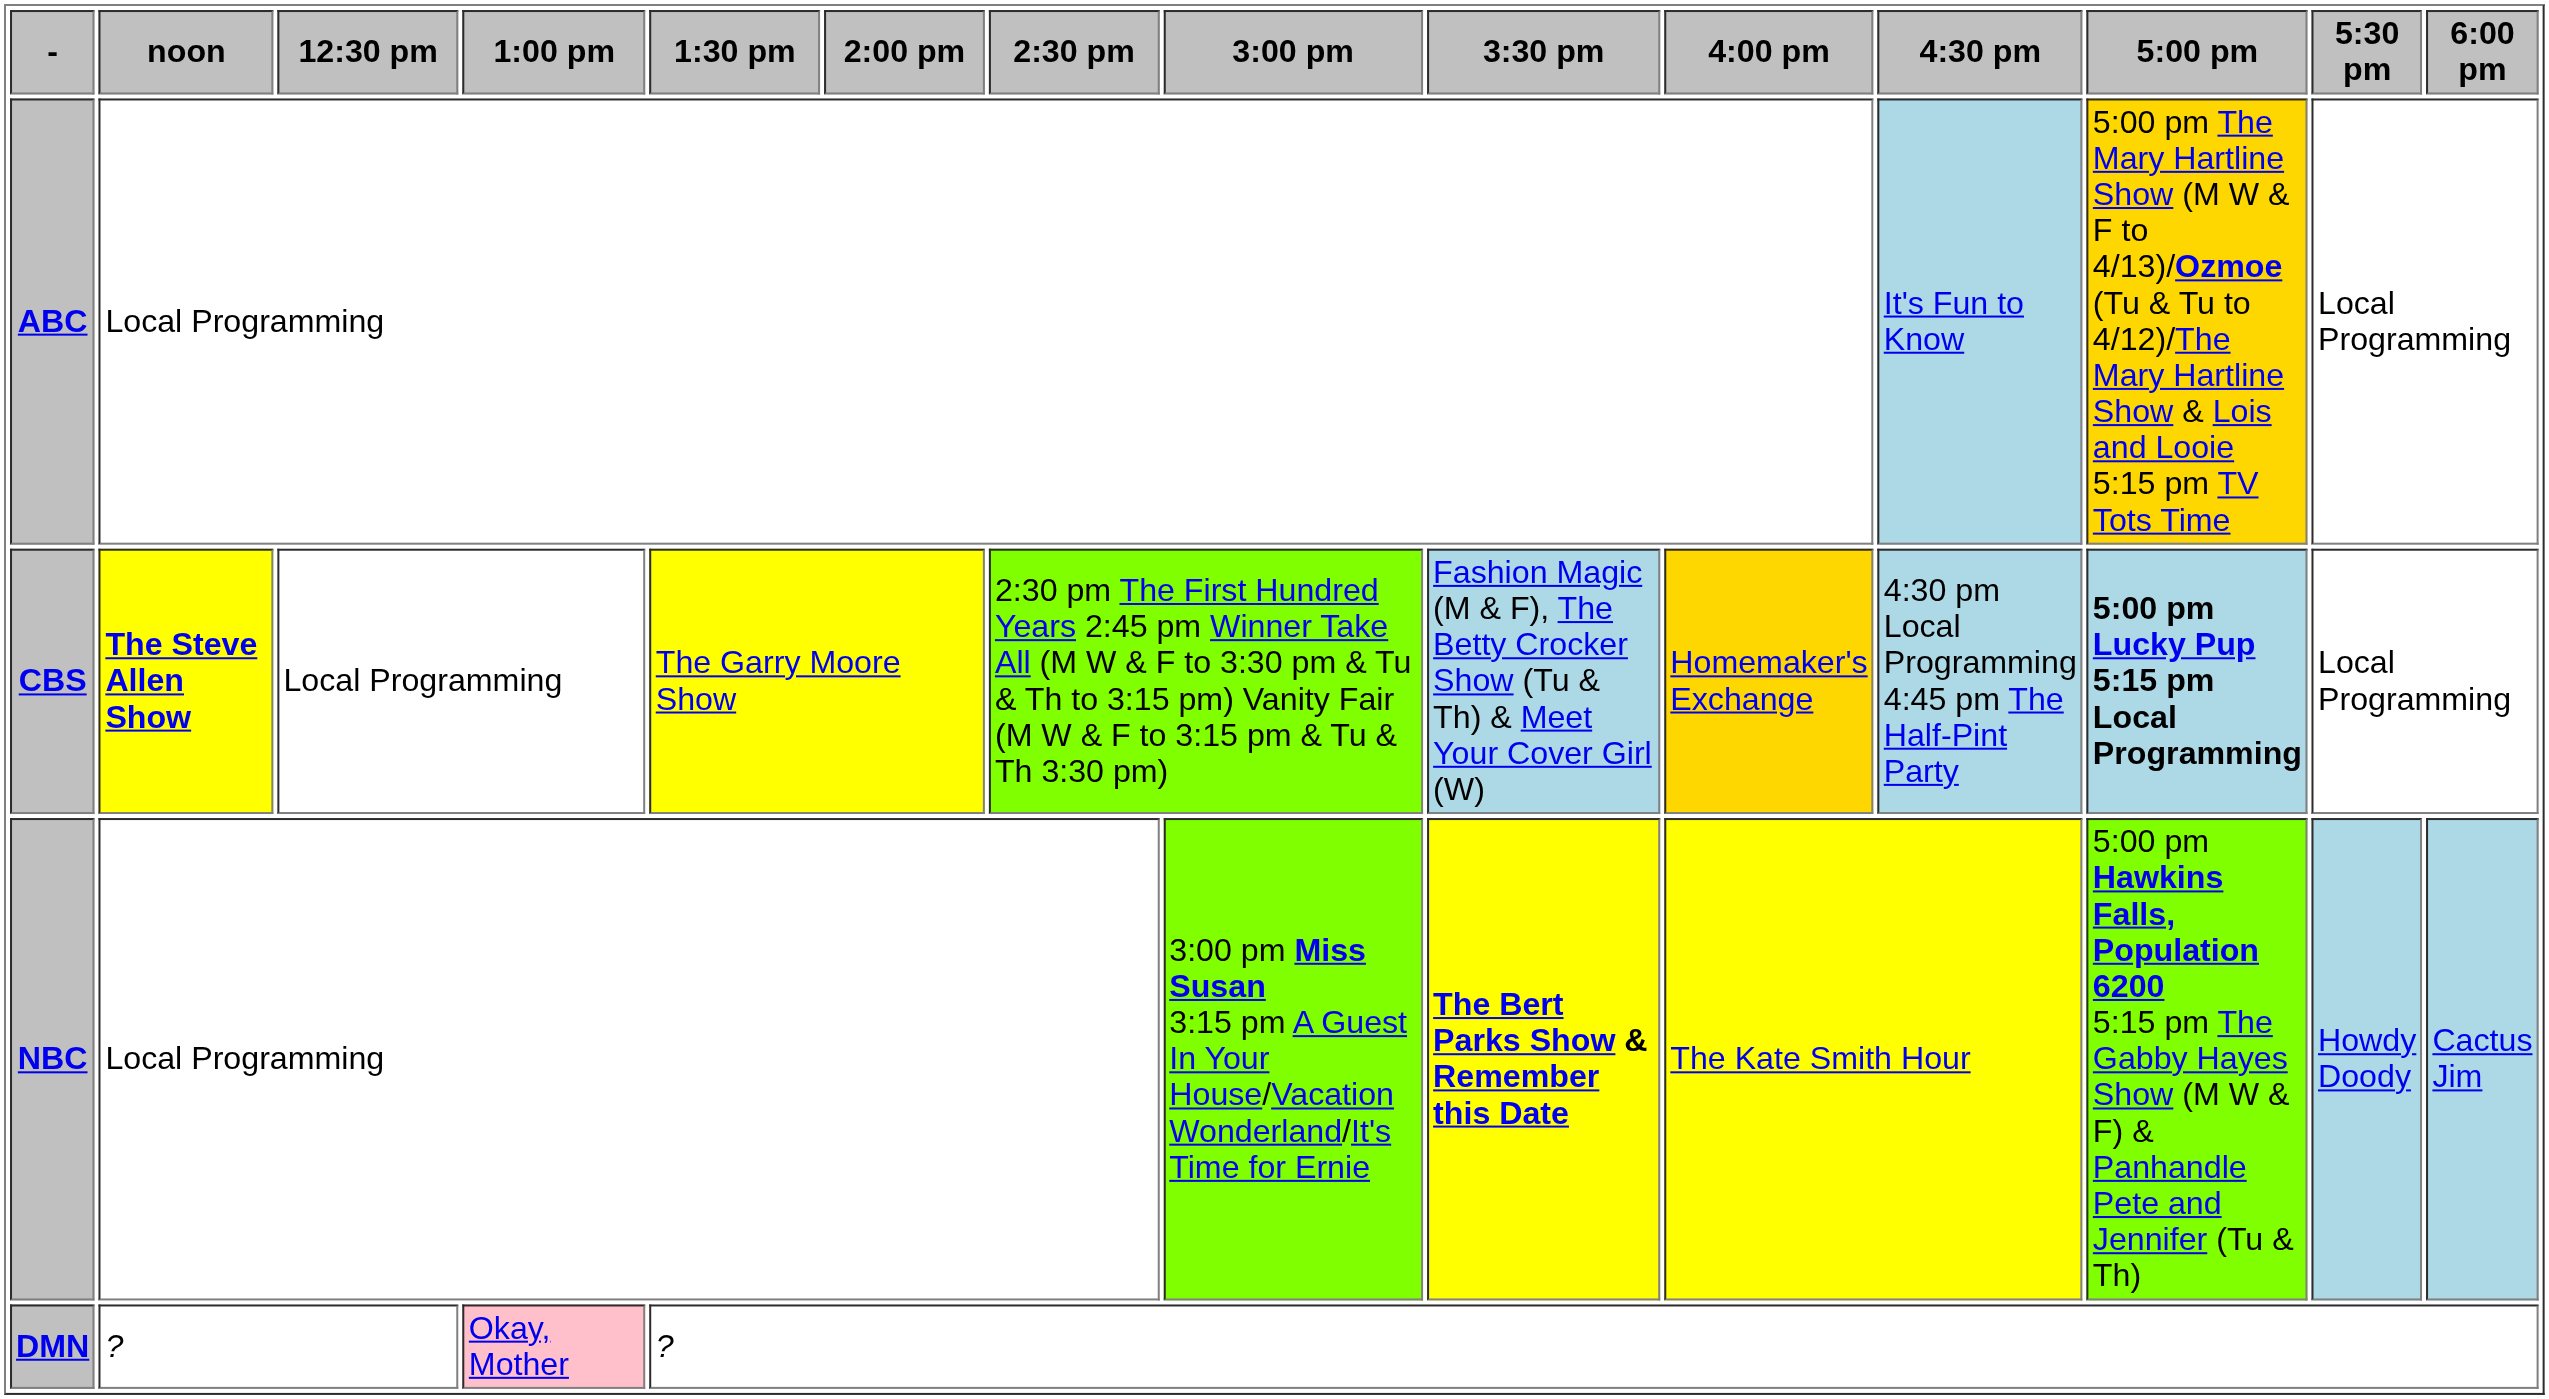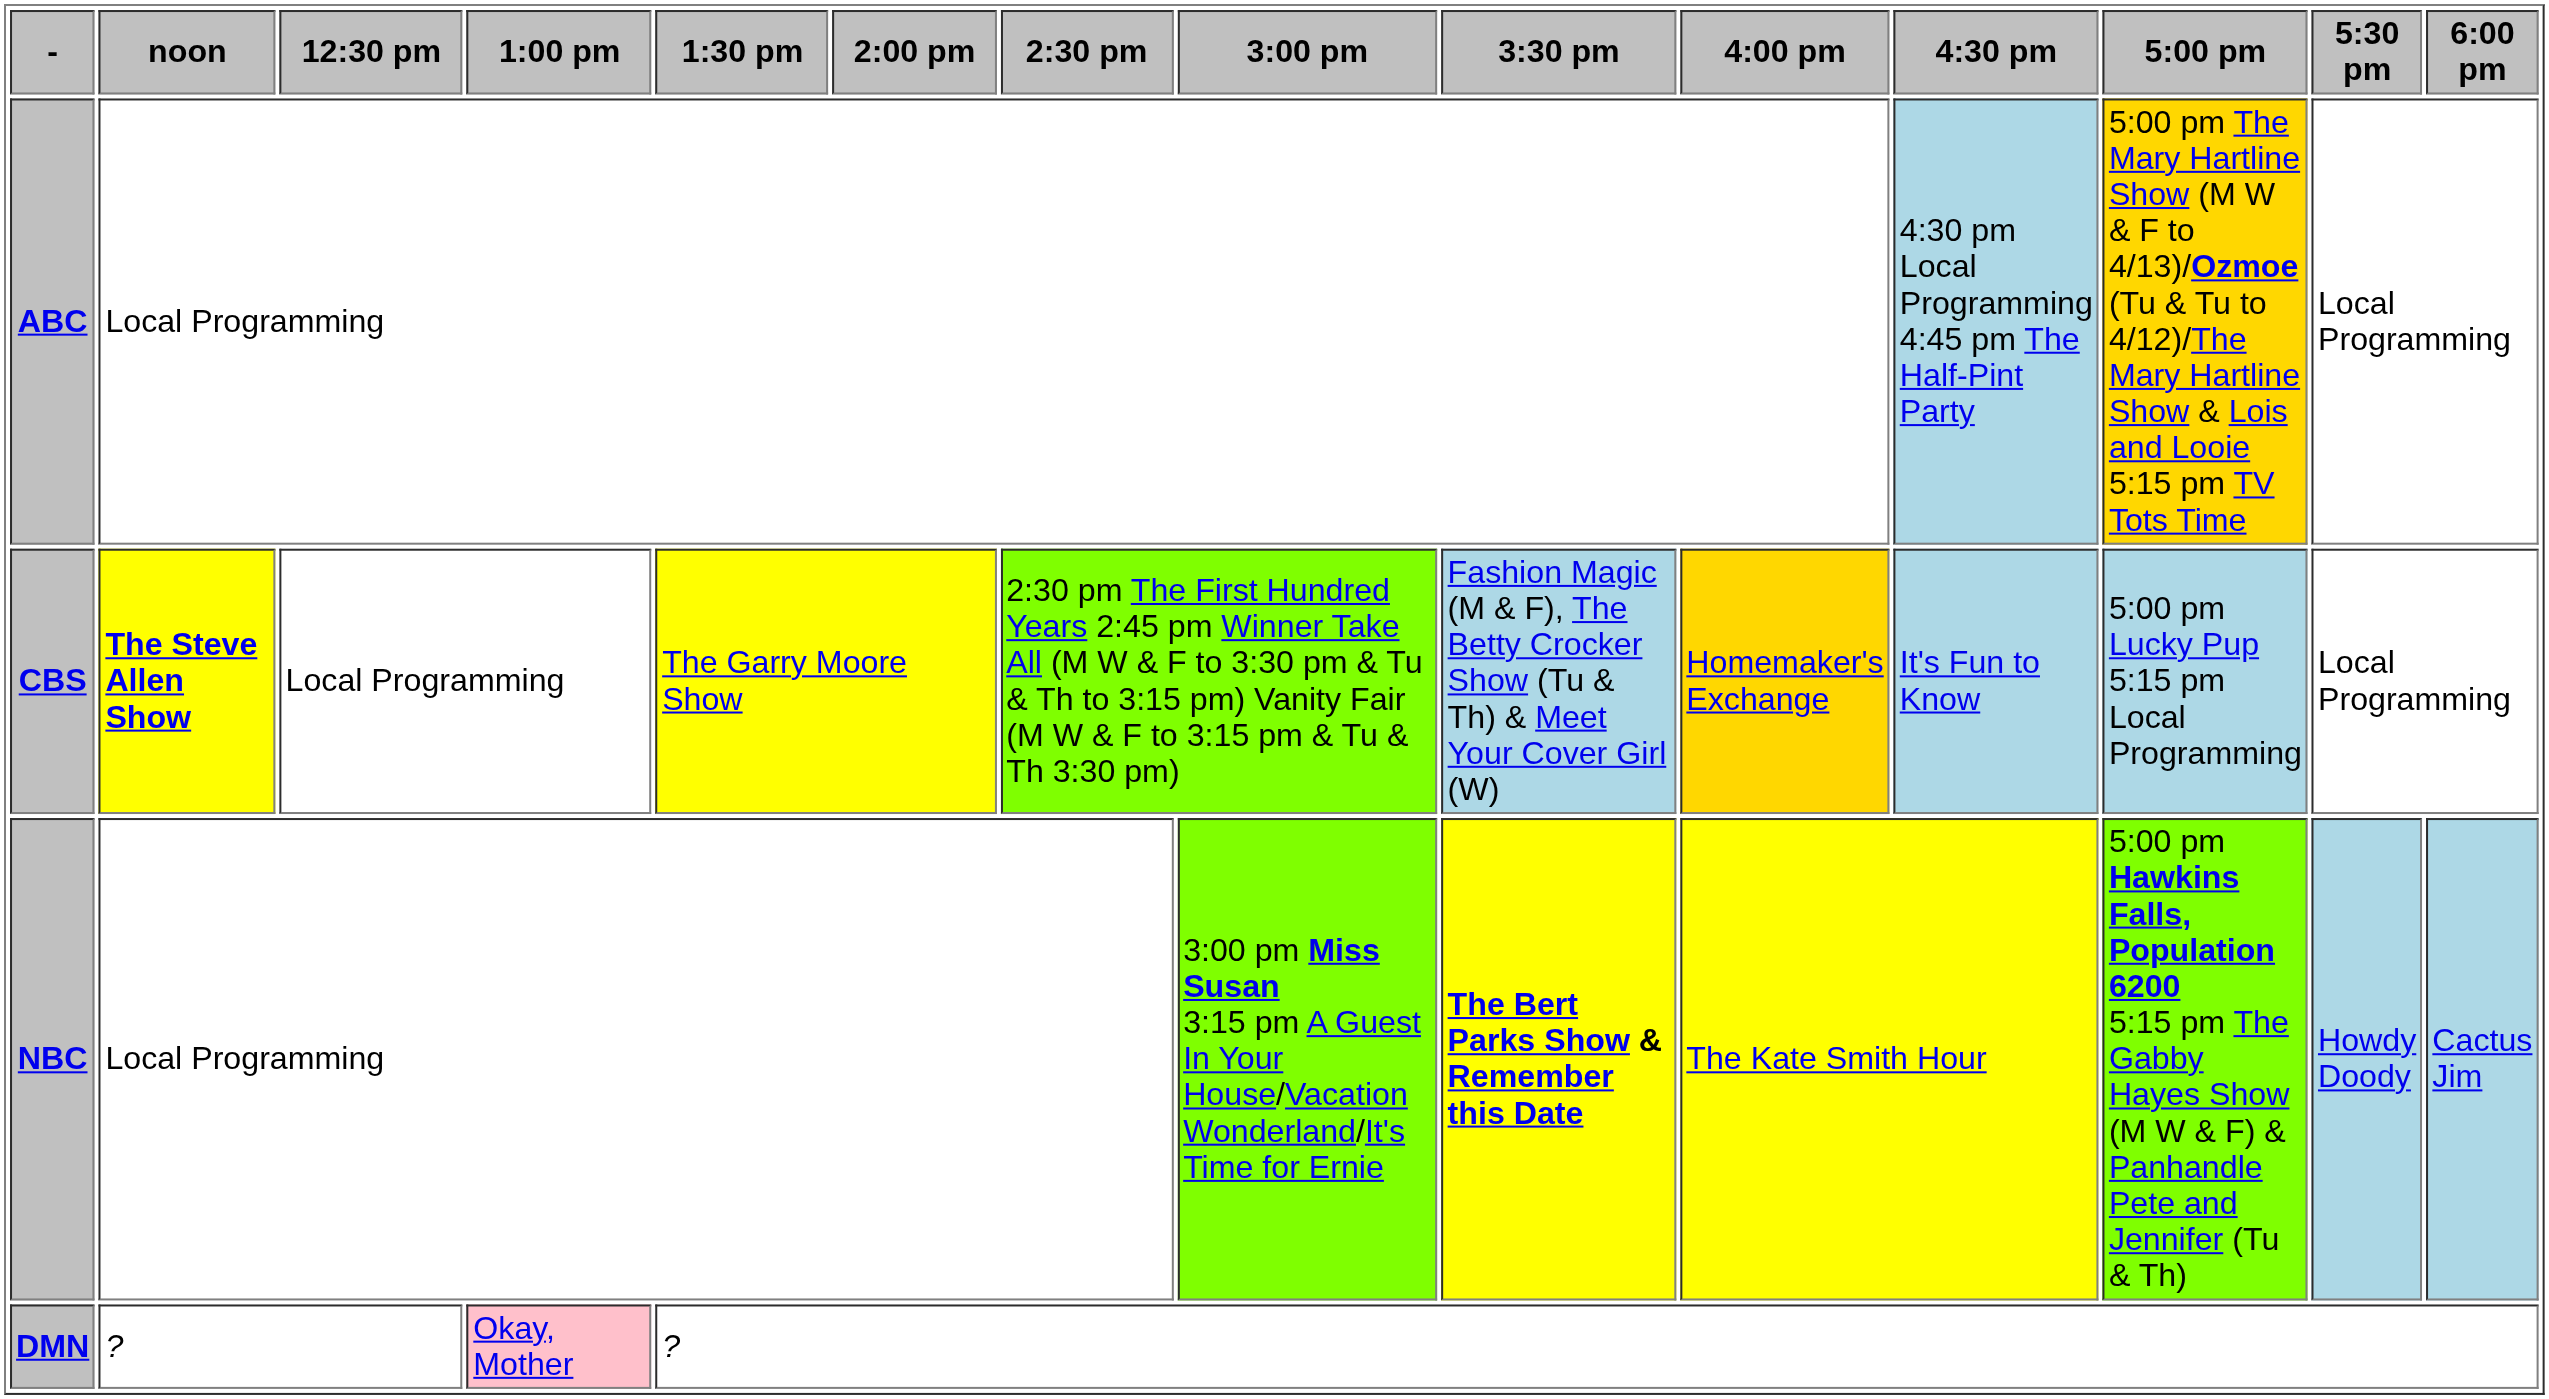 <table border="1" cellpadding="2">
 <tr>
 <th bgcolor="#C0C0C0">-</th>
 <th width="12%" bgcolor="#C0C0C0">noon</th>
 <th width="13%" bgcolor="#C0C0C0">12:30 pm</th>
 <th width="12%" bgcolor="#C0C0C0">1:00 pm</th>
 <th width="13%" bgcolor="#C0C0C0">1:30 pm</th>
 <th width="12%" bgcolor="#C0C0C0">2:00 pm</th>
 <th width="13%" bgcolor="#C0C0C0">2:30 pm</th>
 <th width="12%" bgcolor="#C0C0C0">3:00 pm</th>
 <th width="13%" bgcolor="#C0C0C0">3:30 pm</th>
 <th width="12%" bgcolor="#C0C0C0">4:00 pm</th>
 <th width="13%" bgcolor="#C0C0C0">4:30 pm</th>
 <th width="12%" bgcolor="#C0C0C0">5:00 pm</th>
 <th width="13%" bgcolor="#C0C0C0">5:30 pm</th>
 <th width="12%" bgcolor="#C0C0C0">6:00 pm</th>
 </tr>
 <tr>
 <th bgcolor="#C0C0C0"><a href='#'>ABC</a></th>
 <td bgcolor="white" colspan="9">Local Programming</td>
-<td bgcolor="lightblue"><a href='#'>It's Fun to Know</a></td>
+<td bgcolor="lightblue">4:30 pm Local Programming<br>4:45 pm <a href='#'>The Half-Pint Party</a></td>
 <td bgcolor="gold">5:00 pm <a href='#'>The Mary Hartline Show</a> (M W & F to 4/13)/<strong><a href='#'>Ozmoe</a></strong> (Tu & Tu to 4/12)/<a href='#'>The Mary Hartline Show</a> & <a href='#'>Lois and Looie</a><br>5:15 pm <a href='#'>TV Tots Time</a></td>
 <td bgcolor="white" colspan="2">Local Programming</td>
 </tr>
 <tr>
 <th bgcolor="#C0C0C0"><a href='#'>CBS</a></th>
 <td bgcolor="yellow"><strong><a href='#'>The Steve Allen Show</a></strong></td>
 <td bgcolor="white" colspan="2">Local Programming</td>
 <td bgcolor="yellow" colspan="2"><a href='#'>The Garry Moore Show</a></td>
 <td bgcolor="chartreuse" colspan="2">2:30 pm <a href='#'>The First Hundred Years</a> 2:45 pm <a href='#'>Winner Take All</a> (M W & F to 3:30 pm & Tu & Th to 3:15 pm) Vanity Fair (M W & F to 3:15 pm & Tu & Th 3:30 pm)</td>
 <td bgcolor="lightblue"><a href='#'>Fashion Magic</a> (M & F), <a href='#'>The Betty Crocker Show</a> (Tu & Th) & <a href='#'>Meet Your Cover Girl</a> (W)</td>
 <td bgcolor="gold"><a href='#'>Homemaker's Exchange</a></td>
-<td bgcolor="lightblue">4:30 pm Local Programming<br>4:45 pm <a href='#'>The Half-Pint Party</a></td>
-<td bgcolor="lightblue"><strong>5:00 pm <a href='#'>Lucky Pup</a><br>5:15 pm Local Programming</strong></td>
+<td bgcolor="lightblue"><a href='#'>It's Fun to Know</a></td>
+<td bgcolor="lightblue">5:00 pm <a href='#'>Lucky Pup</a><br>5:15 pm Local Programming</td>
 <td bgcolor="white" colspan="2">Local Programming</td>
 </tr>
 <tr>
 <th bgcolor="#C0C0C0"><a href='#'>NBC</a></th>
 <td bgcolor="white" colspan="6">Local Programming</td>
 <td bgcolor="chartreuse">3:00 pm <strong><a href='#'>Miss Susan</a></strong><br>3:15 pm <a href='#'>A Guest In Your House</a>/<a href='#'>Vacation Wonderland</a>/<a href='#'>It's Time for Ernie</a></td>
 <td bgcolor="yellow"><strong><a href='#'>The Bert Parks Show</a> & <a href='#'>Remember this Date</a></strong></td>
 <td bgcolor="yellow" colspan="2"><a href='#'>The Kate Smith Hour</a></td>
 <td bgcolor="chartreuse">5:00 pm <strong><a href='#'>Hawkins Falls, Population 6200</a></strong><br>5:15 pm <a href='#'>The Gabby Hayes Show</a> (M W & F) & <a href='#'>Panhandle Pete and Jennifer</a> (Tu & Th)</td>
 <td bgcolor="lightblue"><a href='#'>Howdy Doody</a></td>
 <td bgcolor="lightblue"><a href='#'>Cactus Jim</a></td>
 </tr>
 <tr>
 <th bgcolor="#C0C0C0"><a href='#'>DMN</a></th>
 <td bgcolor="white" colspan="2"><em>?</em></td>
 <td bgcolor="pink"><a href='#'>Okay, Mother</a></td>
 <td bgcolor="white" colspan="10"><em>?</em></td>
 </tr>
 </table>
